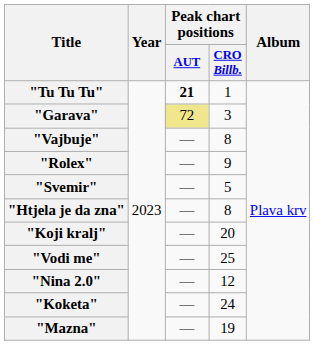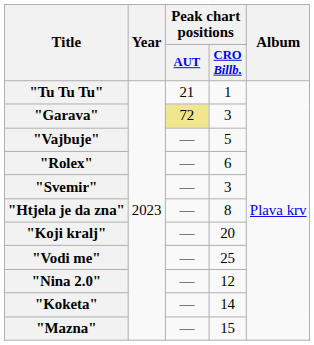 <table class="wikitable plainrowheaders" style="text-align:center;">
 <tr>
 <th rowspan="2">Title</th>
 <th rowspan="2">Year</th>
 <th colspan="2">Peak chart positions</th>
 <th rowspan="2" scope="col">Album</th>
 </tr>
 <tr>
 <th scope="col" style="width:3em; font-size:85%;"><a href='#'>AUT</a><br></th>
 <th style="width:2.5em; font-size:85%"><a href='#'>CRO<br><em>Billb.</em></a><br></th>
 </tr>
 <tr>
 <th scope="row">"Tu Tu Tu"<br></th>
 <td rowspan="11">2023</td>
-<td><strong>21</strong></td>
+<td>21</td>
 <td>1</td>
 <td rowspan="11"><a href='#'>Plava krv</a></td>
 </tr>
 <tr>
 <th scope="row">"Garava"<br></th>
 <td style="background: khaki;">72</td>
 <td>3</td>
 </tr>
 <tr>
 <th scope="row">"Vajbuje"<br></th>
 <td>—</td>
-<td>8</td>
+<td>5</td>
 </tr>
 <tr>
 <th scope="row">"Rolex"<br></th>
 <td>—</td>
-<td>9</td>
+<td>6</td>
 </tr>
 <tr>
 <th scope="row">"Svemir"<br></th>
 <td>—</td>
-<td>5</td>
+<td>3</td>
 </tr>
 <tr>
 <th scope="row">"Htjela je da zna"<br></th>
 <td>—</td>
 <td>8</td>
 </tr>
 <tr>
 <th scope="row">"Koji kralj"<br></th>
 <td>—</td>
 <td>20</td>
 </tr>
 <tr>
 <th scope="row">"Vodi me"<br></th>
 <td>—</td>
 <td>25</td>
 </tr>
 <tr>
 <th scope="row">"Nina 2.0"</th>
 <td>—</td>
 <td>12</td>
 </tr>
 <tr>
 <th scope="row">"Koketa"</th>
 <td>—</td>
-<td>24</td>
+<td>14</td>
 </tr>
 <tr>
 <th scope="row">"Mazna"</th>
 <td>—</td>
-<td>19</td>
+<td>15</td>
 </tr>
 </table>
